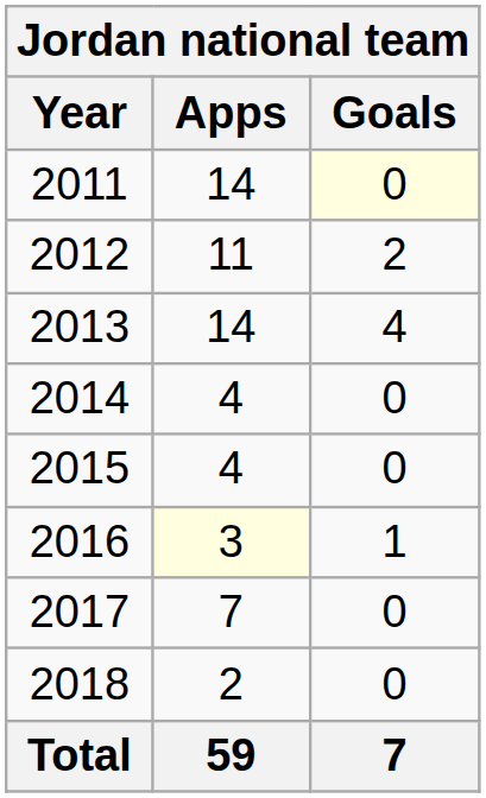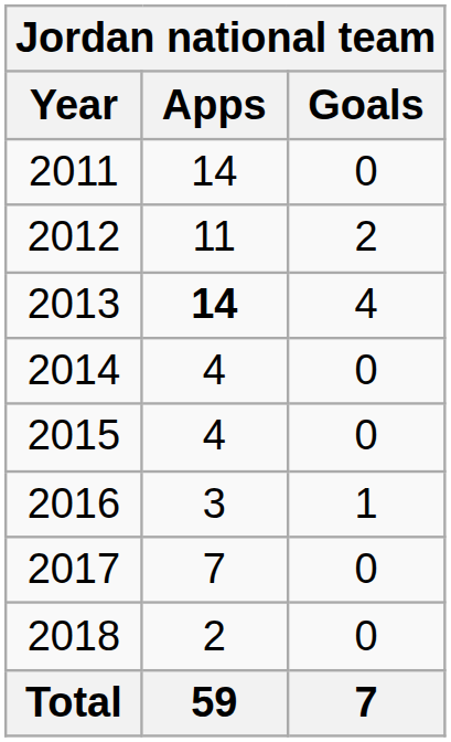 <table class="wikitable" style="text-align:center">
 <tr>
 <th colspan=3>Jordan national team</th>
 </tr>
 <tr>
 <th>Year</th>
 <th>Apps</th>
 <th>Goals</th>
 </tr>
 <tr>
 <td>2011</td>
 <td>14</td>
-<td style="background: lightyellow;">0</td>
+<td>0</td>
 </tr>
 <tr>
 <td>2012</td>
 <td>11</td>
 <td>2</td>
 </tr>
 <tr>
 <td>2013</td>
-<td>14</td>
+<td><strong>14</strong></td>
 <td>4</td>
 </tr>
 <tr>
 <td>2014</td>
 <td>4</td>
 <td>0</td>
 </tr>
 <tr>
 <td>2015</td>
 <td>4</td>
 <td>0</td>
 </tr>
 <tr>
 <td>2016</td>
-<td style="background: lightyellow;">3</td>
+<td>3</td>
 <td>1</td>
 </tr>
 <tr>
 <td>2017</td>
 <td>7</td>
 <td>0</td>
 </tr>
 <tr>
 <td>2018</td>
 <td>2</td>
 <td>0</td>
 </tr>
 <tr>
 <th>Total</th>
 <th>59</th>
 <th>7</th>
 </tr>
 </table>
